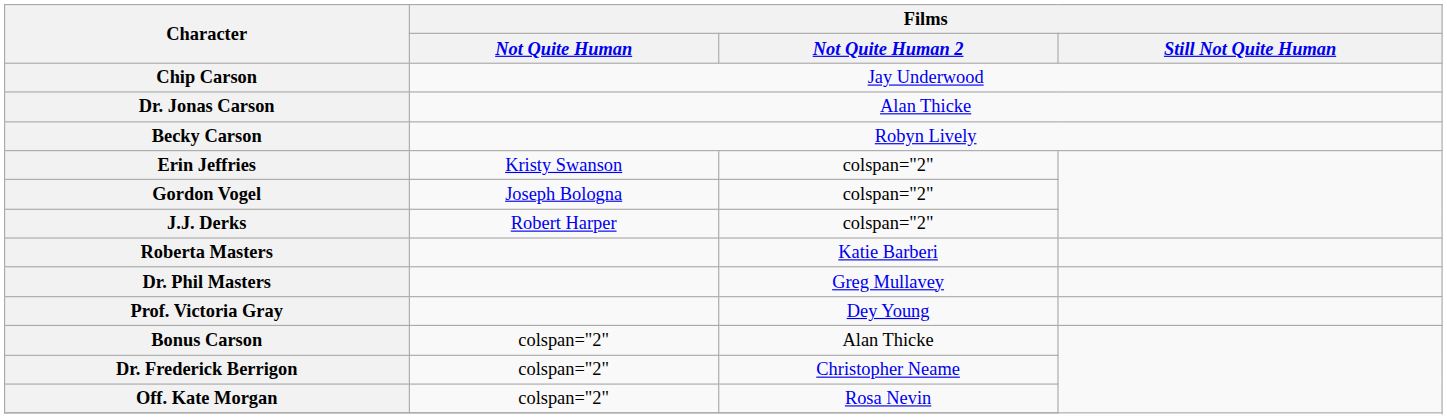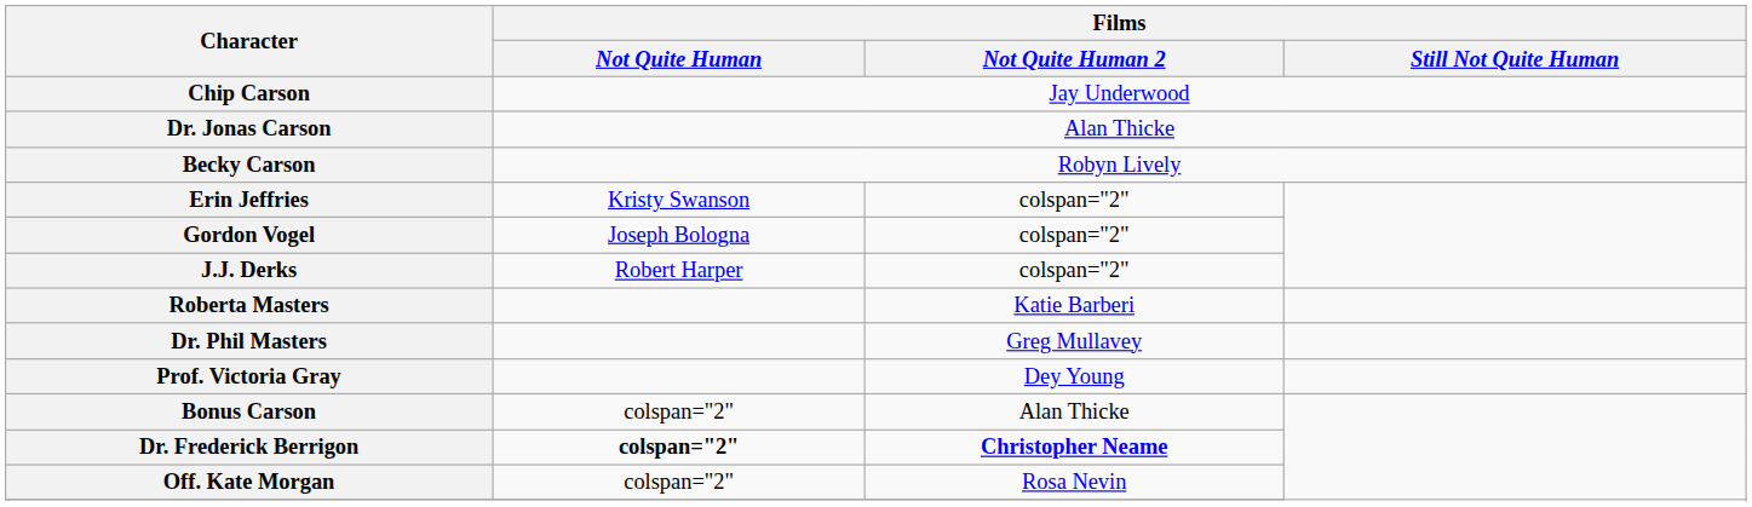 <table class="wikitable" style="text-align:center; width:99%;">
 <tr>
 <th rowspan="2">Character</th>
 <th colspan="4" style="text-align:center;">Films</th>
 </tr>
 <tr>
 <th style="text-align:center;"><em><a href='#'>Not Quite Human</a></em></th>
 <th style="text-align:center;"><em><a href='#'>Not Quite Human 2</a></em></th>
 <th style="text-align:center;"><em><a href='#'>Still Not Quite Human</a></em></th>
 </tr>
 <tr>
 <th>Chip Carson</th>
 <td colspan="3"><a href='#'>Jay Underwood</a></td>
 </tr>
 <tr>
 <th>Dr. Jonas Carson</th>
 <td colspan="3"><a href='#'>Alan Thicke</a></td>
 </tr>
 <tr>
 <th>Becky Carson</th>
 <td colspan="3"><a href='#'>Robyn Lively</a></td>
 </tr>
 <tr>
 <th>Erin Jeffries</th>
 <td><a href='#'>Kristy Swanson</a></td>
 <td>colspan="2" </td>
 </tr>
 <tr>
 <th>Gordon Vogel</th>
 <td><a href='#'>Joseph Bologna</a></td>
 <td>colspan="2" </td>
 </tr>
 <tr>
 <th>J.J. Derks</th>
 <td><a href='#'>Robert Harper</a></td>
 <td>colspan="2" </td>
 </tr>
 <tr>
 <th>Roberta Masters</th>
 <td></td>
 <td><a href='#'>Katie Barberi</a></td>
 <td></td>
 </tr>
 <tr>
 <th>Dr. Phil Masters</th>
 <td></td>
 <td><a href='#'>Greg Mullavey</a></td>
 <td></td>
 </tr>
 <tr>
 <th>Prof. Victoria Gray</th>
 <td></td>
 <td><a href='#'>Dey Young</a></td>
 <td></td>
 </tr>
 <tr>
 <th>Bonus Carson</th>
 <td>colspan="2" </td>
 <td>Alan Thicke</td>
 </tr>
 <tr>
 <th>Dr. Frederick Berrigon</th>
-<td>colspan="2" </td>
-<td><a href='#'>Christopher Neame</a></td>
+<td><strong>colspan="2" </strong></td>
+<td><strong><a href='#'>Christopher Neame</a></strong></td>
 </tr>
 <tr>
 <th>Off. Kate Morgan</th>
 <td>colspan="2" </td>
 <td><a href='#'>Rosa Nevin</a></td>
 </tr>
 <tr>
 </tr>
 </table>
